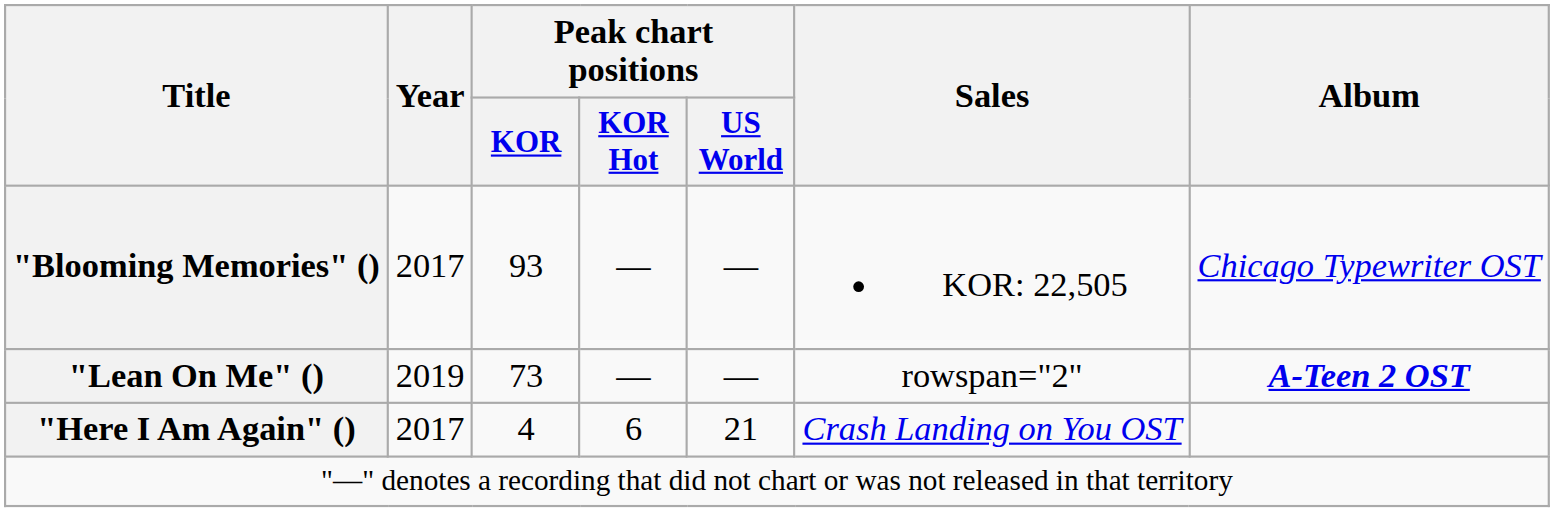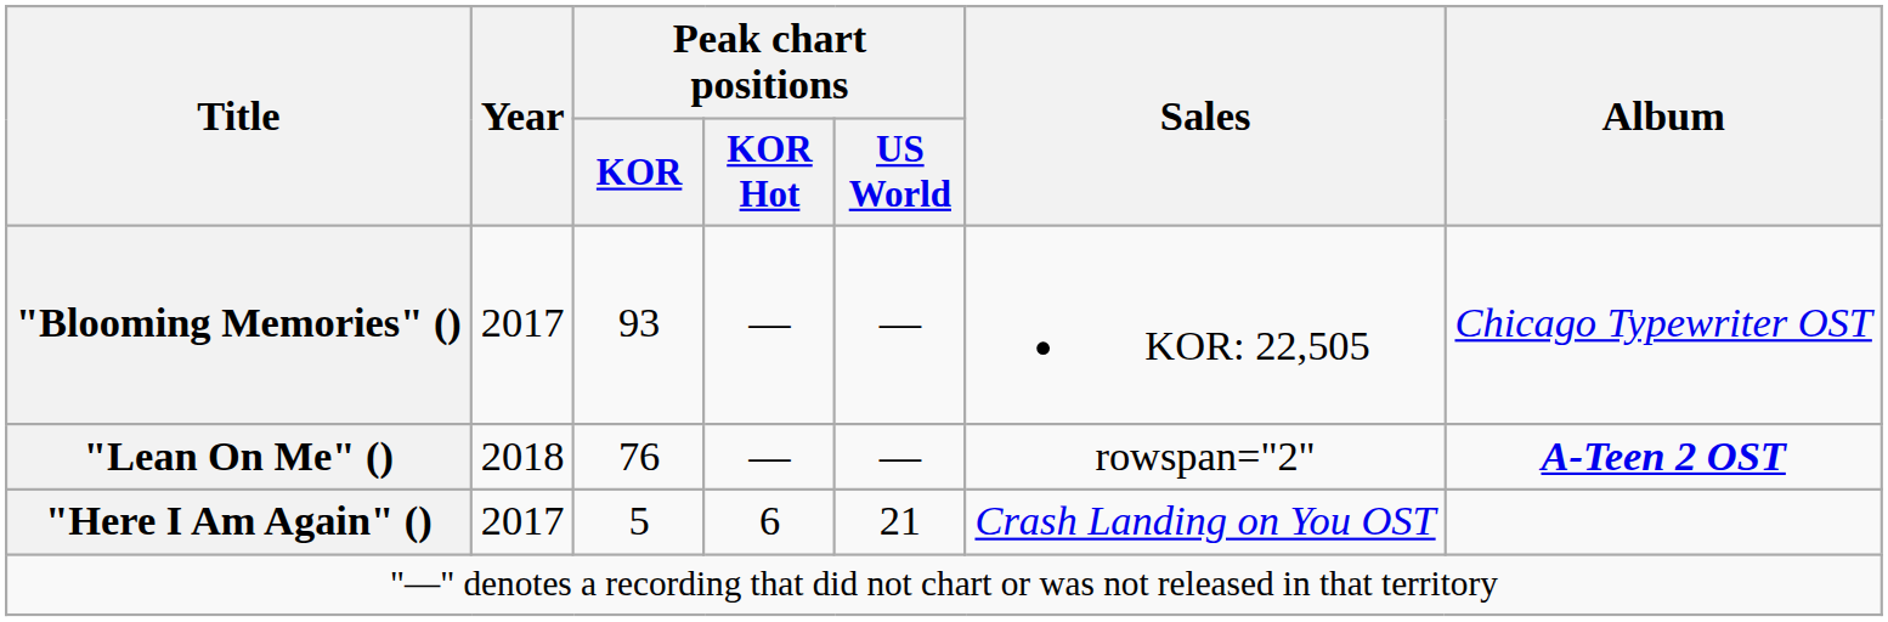 <table class="wikitable plainrowheaders" style="text-align:center">
 <tr>
 <th scope="col" rowspan="2">Title</th>
 <th scope="col" rowspan="2">Year</th>
 <th scope="col" colspan="3">Peak chart<br>positions</th>
 <th scope="col" rowspan="2">Sales<br></th>
 <th scope="col" rowspan="2">Album</th>
 </tr>
 <tr>
 <th scope="col" style="width:3em;font-size:90%;"><a href='#'>KOR</a><br></th>
 <th scope="col" style="width:3em;font-size:90%;"><a href='#'>KOR<br>Hot</a><br></th>
 <th scope="col" style="width:3em;font-size:90%;"><a href='#'>US<br>World</a><br></th>
 </tr>
 <tr>
 <th scope="row">"Blooming Memories" ()</th>
 <td>2017</td>
 <td>93</td>
 <td>—</td>
 <td>—</td>
 <td><br><ul><li>KOR: 22,505</li></ul></td>
 <td><em><a href='#'>Chicago Typewriter OST</a></em></td>
 </tr>
 <tr>
 <th scope="row">"Lean On Me" ()</th>
-<td>2019</td>
-<td>73</td>
+<td>2018</td>
+<td>76</td>
 <td>—</td>
 <td>—</td>
 <td>rowspan="2" </td>
 <td><strong><em><a href='#'>A-Teen 2 OST</a></em></strong></td>
 </tr>
 <tr>
 <th scope="row">"Here I Am Again" ()</th>
 <td>2017</td>
-<td>4</td>
+<td>5</td>
 <td>6</td>
 <td>21</td>
 <td><em><a href='#'>Crash Landing on You OST</a></em></td>
 </tr>
 <tr>
 <td colspan="7" style="font-size:85%">"—" denotes a recording that did not chart or was not released in that territory</td>
 </tr>
 </table>
